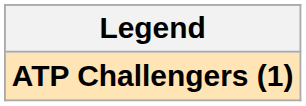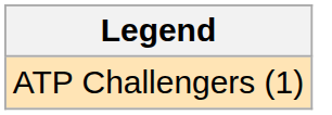 <table class="wikitable">
 <tr>
 <th>Legend</th>
 </tr>
 <tr bgcolor="moccasin">
-<td><strong>ATP Challengers (1)</strong></td>
+<td>ATP Challengers (1)</td>
 </tr>
 </table>
